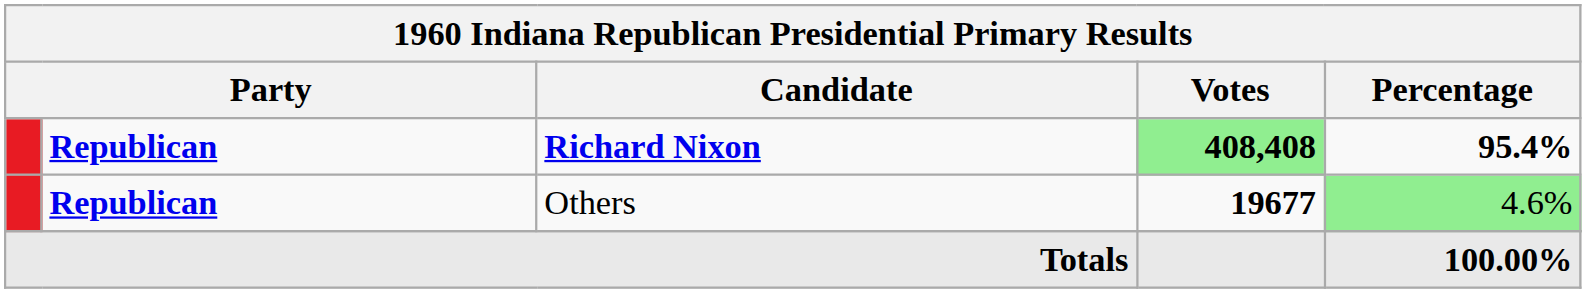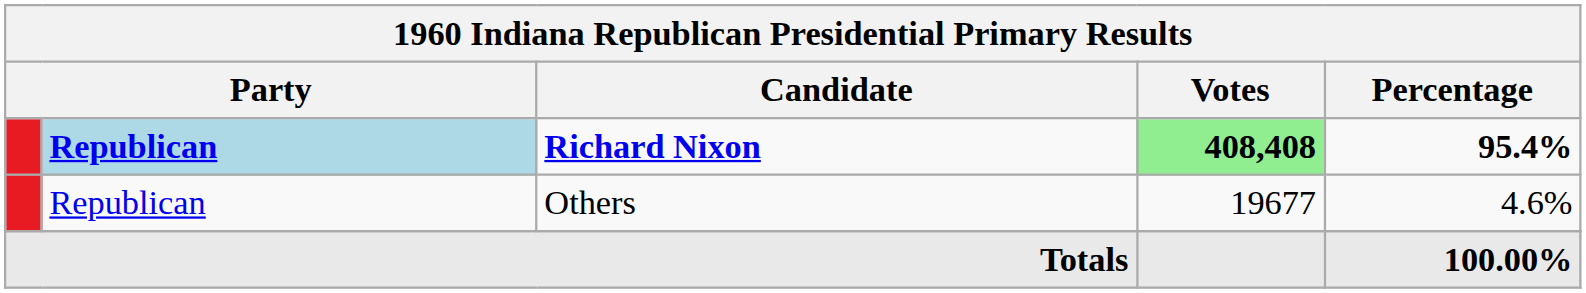 <table class="wikitable" style="font-size: 95%;">
 <tr>
 <th colspan="7">1960 Indiana Republican Presidential Primary Results</th>
 </tr>
 <tr>
 <th colspan="2" style="width: 15em">Party</th>
 <th style="width: 17em">Candidate</th>
 <th style="width: 5em">Votes</th>
 <th style="width: 7em">Percentage</th>
 </tr>
 <tr>
 <th style="background-color:#E81B23; width: 3px"></th>
-<td style="width: 130px"><strong><a href='#'>Republican</a></strong></td>
+<td style="background: lightblue; width: 130px"><strong><a href='#'>Republican</a></strong></td>
 <td><strong><a href='#'>Richard Nixon</a></strong></td>
 <td align="right" style="background: lightgreen;"><strong>408,408</strong></td>
 <td align="right"><strong>95.4%</strong></td>
 </tr>
 <tr>
 <th style="background-color:#E81B23; width: 3px"></th>
-<td style="width: 130px"><strong><a href='#'>Republican</a></strong></td>
+<td style="width: 130px"><a href='#'>Republican</a></td>
 <td>Others</td>
-<td align="right"><strong>19677</strong></td>
-<td align="right" style="background: lightgreen;">4.6%</td>
+<td align="right">19677</td>
+<td align="right">4.6%</td>
 </tr>
 <tr>
 </tr>
 <tr bgcolor="#E9E9E9">
 <td colspan="3" align="right"><strong>Totals</strong></td>
 <td align="right"><strong> </strong></td>
 <td align="right"><strong>100.00%</strong></td>
 </tr>
 </table>
